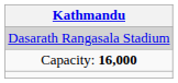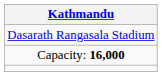 <table class="wikitable" style="text-align:center">
 <tr>
 <th><a href='#'>Kathmandu</a></th>
 </tr>
 <tr>
-<td style="background: lightgrey;"><a href='#'>Dasarath Rangasala Stadium</a></td>
+<td><a href='#'>Dasarath Rangasala Stadium</a></td>
 </tr>
 <tr>
 <td>Capacity: <strong>16,000</strong></td>
 </tr>
 <tr>
 <td></td>
 </tr>
 </table>
